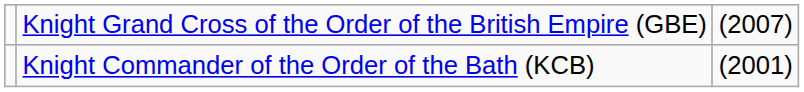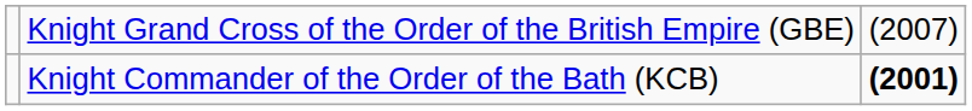 <table class="wikitable">
 <tr>
 <td></td>
 <td><a href='#'>Knight Grand Cross of the Order of the British Empire</a> (GBE)</td>
 <td>(2007)</td>
 </tr>
 <tr>
 <td></td>
 <td><a href='#'>Knight Commander of the Order of the Bath</a> (KCB)</td>
-<td>(2001)</td>
+<td><strong>(2001)</strong></td>
 </tr>
 </table>
